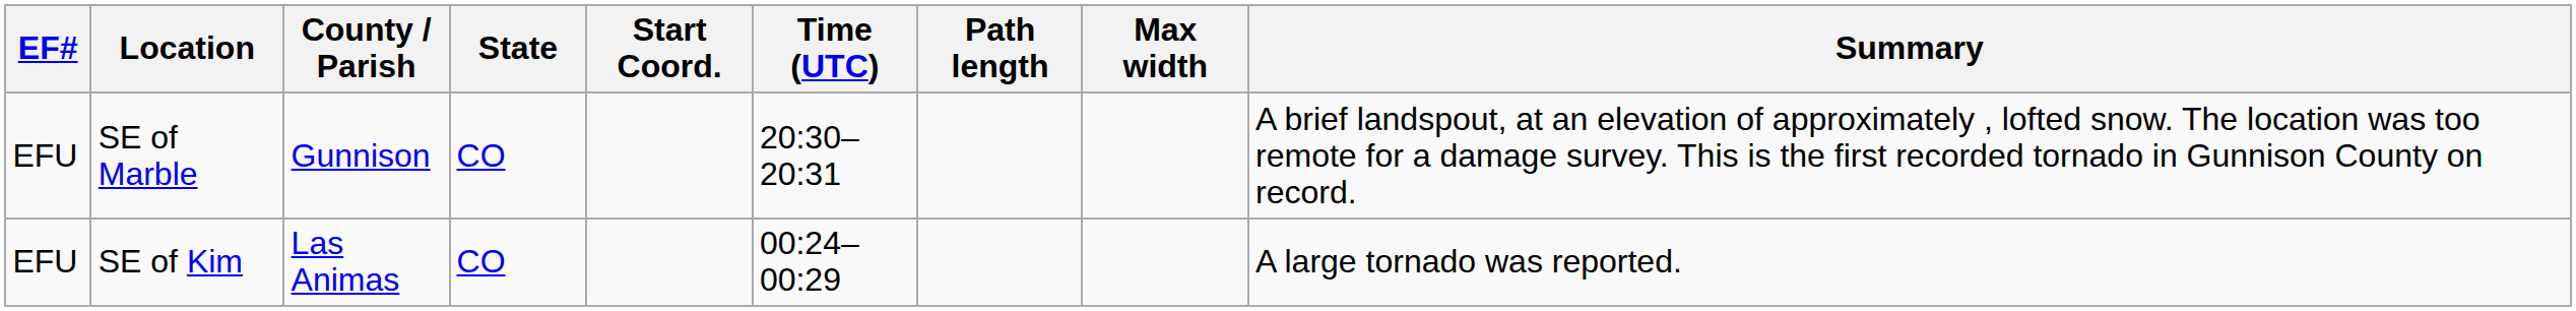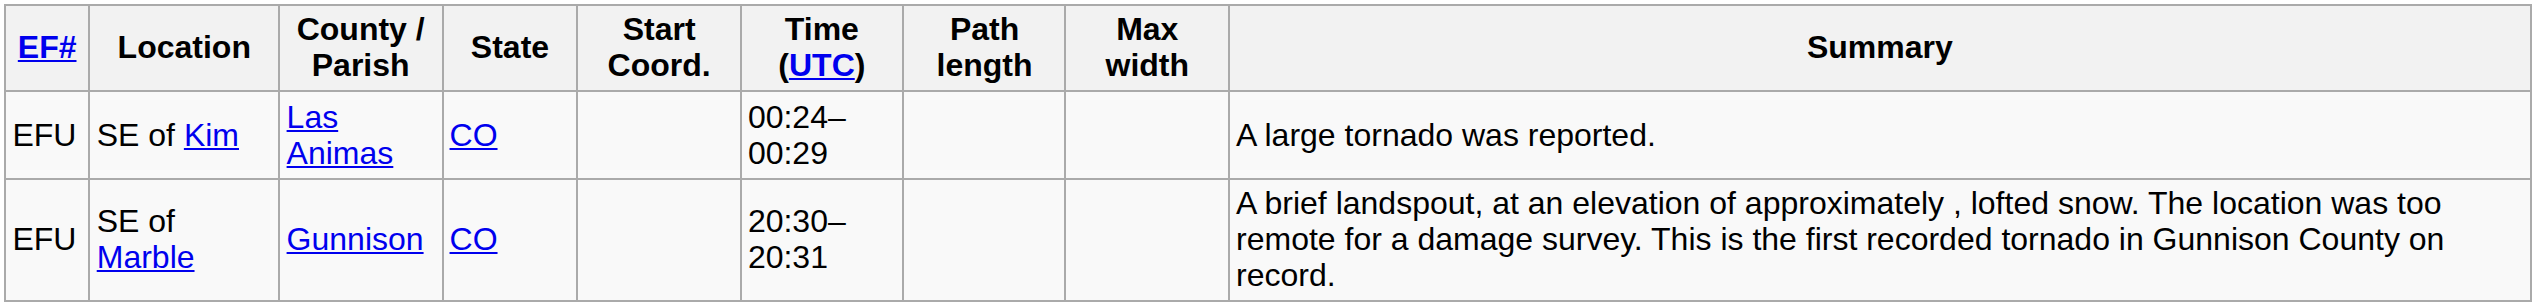 <table class="wikitable sortable" style="width:100%;">
 <tr>
 <th scope="col"  style="width:3%; text-align:center;"><a href='#'>EF#</a></th>
 <th scope="col"  style="width:7%; text-align:center;" class="unsortable">Location</th>
 <th scope="col"  style="width:6%; text-align:center;" class="unsortable">County / Parish</th>
 <th scope="col"  style="width:5%; text-align:center;">State</th>
 <th scope="col"  style="width:6%; text-align:center;">Start Coord.</th>
 <th scope="col"  style="width:6%; text-align:center;">Time (<a href='#'>UTC</a>)</th>
 <th scope="col"  style="width:6%; text-align:center;">Path length</th>
 <th scope="col"  style="width:6%; text-align:center;">Max width</th>
 <th scope="col" class="unsortable" style="width:48%; text-align:center;">Summary</th>
 </tr>
 <tr>
 <td>EFU</td>
+<td>SE of <a href='#'>Kim</a></td>
+<td><a href='#'>Las Animas</a></td>
+<td><a href='#'>CO</a></td>
+<td></td>
+<td>00:24–00:29</td>
+<td></td>
+<td></td>
+<td>A large tornado was reported.</td>
+</tr>
+<tr>
+<td>EFU</td>
 <td>SE of <a href='#'>Marble</a></td>
 <td><a href='#'>Gunnison</a></td>
 <td><a href='#'>CO</a></td>
 <td></td>
 <td>20:30–20:31</td>
 <td></td>
 <td></td>
 <td>A brief landspout, at an elevation of approximately , lofted snow. The location was too remote for a damage survey. This is the first recorded tornado in Gunnison County on record.</td>
 </tr>
 <tr>
-<td>EFU</td>
-<td>SE of <a href='#'>Kim</a></td>
-<td><a href='#'>Las Animas</a></td>
-<td><a href='#'>CO</a></td>
-<td></td>
-<td>00:24–00:29</td>
-<td></td>
-<td></td>
-<td>A large tornado was reported.</td>
-</tr>
-<tr>
 </tr>
 </table>
